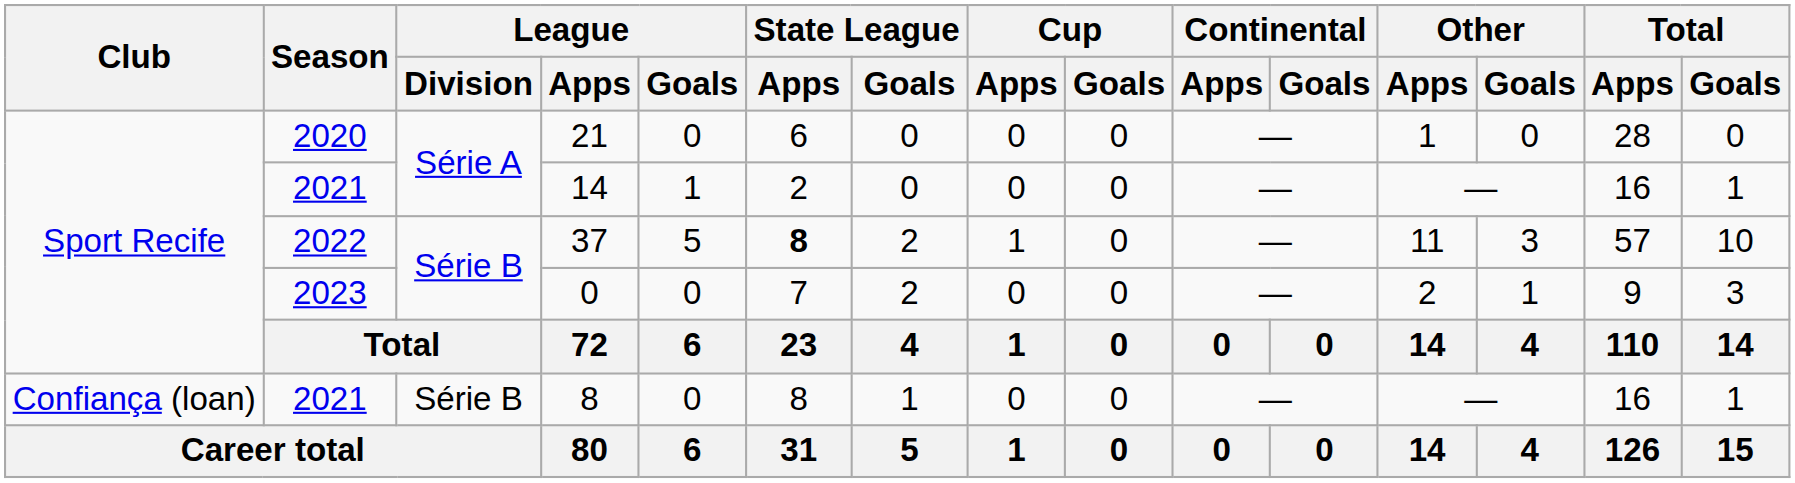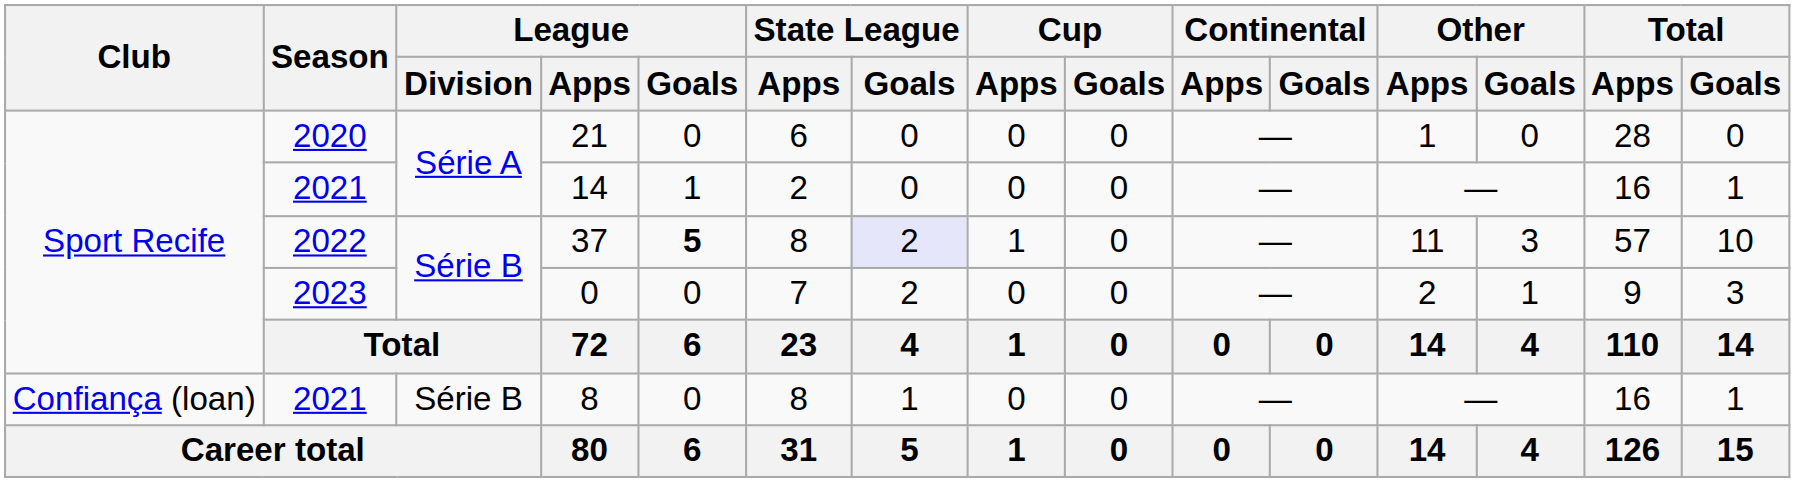 <table class="wikitable" style="text-align: center;">
 <tr>
 <th rowspan="2">Club</th>
 <th rowspan="2">Season</th>
 <th colspan="3">League</th>
 <th colspan="2">State League</th>
 <th colspan="2">Cup</th>
 <th colspan="2">Continental</th>
 <th colspan="2">Other</th>
 <th colspan="2">Total</th>
 </tr>
 <tr>
 <th>Division</th>
 <th>Apps</th>
 <th>Goals</th>
 <th>Apps</th>
 <th>Goals</th>
 <th>Apps</th>
 <th>Goals</th>
 <th>Apps</th>
 <th>Goals</th>
 <th>Apps</th>
 <th>Goals</th>
 <th>Apps</th>
 <th>Goals</th>
 </tr>
 <tr>
 <td rowspan="5" valign="center"><a href='#'>Sport Recife</a></td>
 <td><a href='#'>2020</a></td>
 <td rowspan="2"><a href='#'>Série A</a></td>
 <td>21</td>
 <td>0</td>
 <td>6</td>
 <td>0</td>
 <td>0</td>
 <td>0</td>
 <td colspan="2">—</td>
 <td>1</td>
 <td>0</td>
 <td>28</td>
 <td>0</td>
 </tr>
 <tr>
 <td><a href='#'>2021</a></td>
 <td>14</td>
 <td>1</td>
 <td>2</td>
 <td>0</td>
 <td>0</td>
 <td>0</td>
 <td colspan="2">—</td>
 <td colspan="2">—</td>
 <td>16</td>
 <td>1</td>
 </tr>
 <tr>
 <td><a href='#'>2022</a></td>
 <td rowspan="2"><a href='#'>Série B</a></td>
 <td>37</td>
-<td>5</td>
-<td><strong>8</strong></td>
-<td>2</td>
+<td><strong>5</strong></td>
+<td>8</td>
+<td style="background: lavender;">2</td>
 <td>1</td>
 <td>0</td>
 <td colspan="2">—</td>
 <td>11</td>
 <td>3</td>
 <td>57</td>
 <td>10</td>
 </tr>
 <tr>
 <td><a href='#'>2023</a></td>
 <td>0</td>
 <td>0</td>
 <td>7</td>
 <td>2</td>
 <td>0</td>
 <td>0</td>
 <td colspan="2">—</td>
 <td>2</td>
 <td>1</td>
 <td>9</td>
 <td>3</td>
 </tr>
 <tr>
 <th colspan="2">Total</th>
 <th>72</th>
 <th>6</th>
 <th>23</th>
 <th>4</th>
 <th>1</th>
 <th>0</th>
 <th>0</th>
 <th>0</th>
 <th>14</th>
 <th>4</th>
 <th>110</th>
 <th>14</th>
 </tr>
 <tr>
 <td valign="center"><a href='#'>Confiança</a> (loan)</td>
 <td><a href='#'>2021</a></td>
 <td>Série B</td>
 <td>8</td>
 <td>0</td>
 <td>8</td>
 <td>1</td>
 <td>0</td>
 <td>0</td>
 <td colspan="2">—</td>
 <td colspan="2">—</td>
 <td>16</td>
 <td>1</td>
 </tr>
 <tr>
 <th colspan="3"><strong>Career total</strong></th>
 <th>80</th>
 <th>6</th>
 <th>31</th>
 <th>5</th>
 <th>1</th>
 <th>0</th>
 <th>0</th>
 <th>0</th>
 <th>14</th>
 <th>4</th>
 <th>126</th>
 <th>15</th>
 </tr>
 </table>
